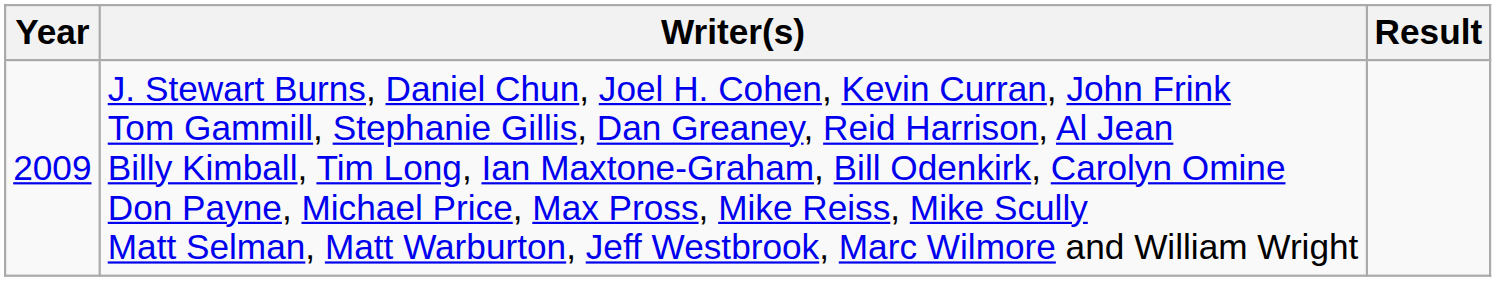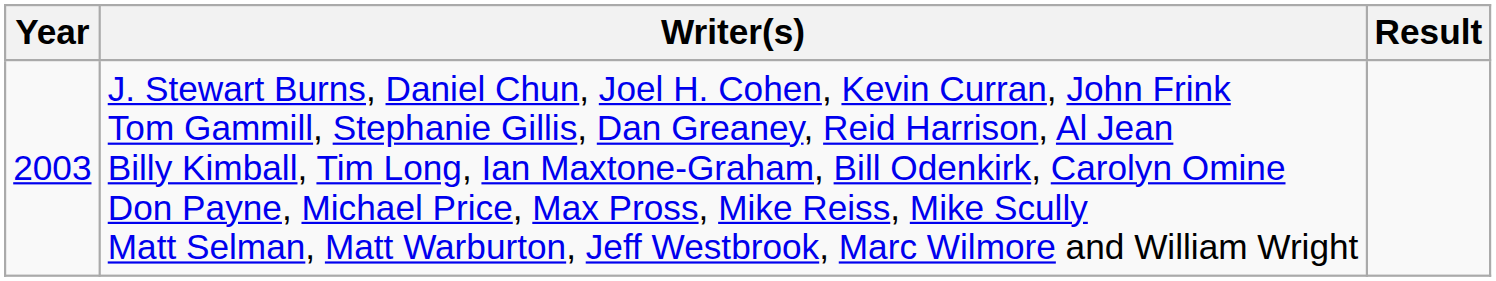 <table class="wikitable">
 <tr>
 <th>Year</th>
 <th>Writer(s)</th>
 <th>Result</th>
 </tr>
 <tr>
-<td rowspan=1><a href='#'>2009</a></td>
+<td rowspan=1><a href='#'>2003</a></td>
 <td><a href='#'>J. Stewart Burns</a>, <a href='#'>Daniel Chun</a>, <a href='#'>Joel H. Cohen</a>, <a href='#'>Kevin Curran</a>, <a href='#'>John Frink</a><br><a href='#'>Tom Gammill</a>, <a href='#'>Stephanie Gillis</a>, <a href='#'>Dan Greaney</a>, <a href='#'>Reid Harrison</a>, <a href='#'>Al Jean</a><br><a href='#'>Billy Kimball</a>, <a href='#'>Tim Long</a>, <a href='#'>Ian Maxtone-Graham</a>, <a href='#'>Bill Odenkirk</a>, <a href='#'>Carolyn Omine</a><br><a href='#'>Don Payne</a>, <a href='#'>Michael Price</a>, <a href='#'>Max Pross</a>, <a href='#'>Mike Reiss</a>, <a href='#'>Mike Scully</a><br><a href='#'>Matt Selman</a>, <a href='#'>Matt Warburton</a>, <a href='#'>Jeff Westbrook</a>, <a href='#'>Marc Wilmore</a> and William Wright</td>
 <td></td>
 </tr>
 </table>
